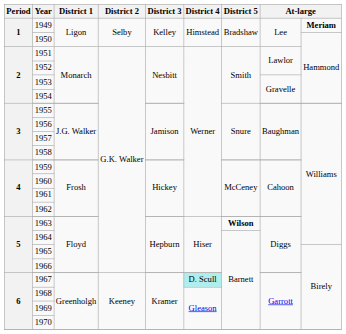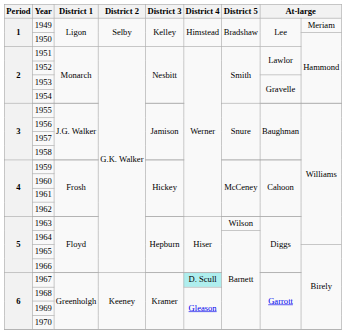 <table class="wikitable" style="text-align:center;font-size:85%">
 <tr>
 <th>Period</th>
 <th>Year</th>
 <th>District 1</th>
 <th>District 2</th>
 <th>District 3</th>
 <th>District 4</th>
 <th>District 5</th>
 <th colspan="2">At-large</th>
 </tr>
 <tr>
 <th rowspan="2">1</th>
 <td>1949</td>
 <td rowspan="2"  >Ligon</td>
 <td rowspan="2"  >Selby</td>
 <td rowspan="2"  >Kelley</td>
 <td rowspan="2"  >Himstead</td>
 <td rowspan="2"  >Bradshaw</td>
 <td rowspan="2"  >Lee</td>
-<td rowspan="1"  ><strong>Meriam</strong></td>
+<td rowspan="1"  >Meriam</td>
 </tr>
 <tr>
 <td>1950</td>
 <td rowspan="5" >Hammond</td>
 </tr>
 <tr>
 <th rowspan="4">2</th>
 <td>1951</td>
 <td rowspan="4"  >Monarch</td>
 <td rowspan="20" >G.K. Walker</td>
 <td rowspan="4"  >Nesbitt</td>
 <td rowspan="15" >Werner</td>
 <td rowspan="5"  >Smith</td>
 <td rowspan="2"  >Lawlor</td>
 </tr>
 <tr>
 <td>1952</td>
 </tr>
 <tr>
 <td>1953</td>
 <td rowspan="2"  >Gravelle</td>
 </tr>
 <tr>
 <td>1954</td>
 </tr>
 <tr>
 <th rowspan="5">3</th>
 </tr>
 <tr>
 <td>1955</td>
 <td rowspan="4"  >J.G. Walker</td>
 <td rowspan="4"  >Jamison</td>
 <td rowspan="4"  >Snure</td>
 <td rowspan="4"  >Baughman</td>
 <td rowspan="12" >Williams</td>
 </tr>
 <tr>
 <td>1956</td>
 </tr>
 <tr>
 <td>1957</td>
 </tr>
 <tr>
 <td>1958</td>
 </tr>
 <tr>
 <th rowspan="5">4</th>
 </tr>
 <tr>
 <td>1959</td>
 <td rowspan="4"  >Frosh</td>
 <td rowspan="4"  >Hickey</td>
 <td rowspan="4"  >McCeney</td>
 <td rowspan="4"  >Cahoon</td>
 </tr>
 <tr>
 <td>1960</td>
 </tr>
 <tr>
 <td>1961</td>
 </tr>
 <tr>
 <td>1962</td>
 </tr>
 <tr>
 <th rowspan="5">5</th>
 </tr>
 <tr>
 <td>1963</td>
 <td rowspan="4"  >Floyd</td>
 <td rowspan="4"  >Hepburn</td>
 <td rowspan="4"  >Hiser</td>
-<td rowspan="1"  ><strong>Wilson</strong></td>
+<td rowspan="1"  >Wilson</td>
 <td rowspan="4"  >Diggs</td>
 </tr>
 <tr>
 <td>1964</td>
 <td rowspan="8"  >Barnett</td>
 </tr>
 <tr>
 <td>1965</td>
 <td rowspan="7"  >Birely</td>
 </tr>
 <tr>
 <td>1966</td>
 </tr>
 <tr>
 <th rowspan="5">6</th>
 </tr>
 <tr>
 <td>1967</td>
 <td rowspan="4"  >Greenholgh</td>
 <td rowspan="4"  >Keeney</td>
 <td rowspan="4"  >Kramer</td>
 <td rowspan="1"   style="background: paleturquoise;">D. Scull</td>
 <td rowspan="4"  ><a href='#'>Garrott</a></td>
 </tr>
 <tr>
 <td>1968</td>
 <td rowspan="3"  ><a href='#'>Gleason</a></td>
 </tr>
 <tr>
 <td>1969</td>
 </tr>
 <tr>
 <td>1970</td>
 </tr>
 <tr>
 </tr>
 </table>
